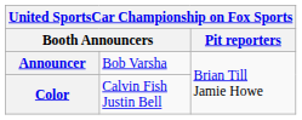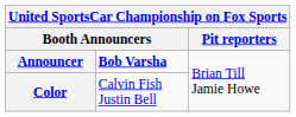 <table class="wikitable" style="font-size: 95%;">
 <tr>
 <th colspan=3><a href='#'>United SportsCar Championship on Fox Sports</a></th>
 </tr>
 <tr>
 <th colspan=2>Booth Announcers</th>
 <th><a href='#'>Pit reporters</a></th>
 </tr>
 <tr>
 <th><a href='#'>Announcer</a></th>
-<td><a href='#'>Bob Varsha</a></td>
+<td><strong><a href='#'>Bob Varsha</a></strong></td>
 <td rowspan=2><a href='#'>Brian Till</a><br>Jamie Howe</td>
 </tr>
 <tr>
 <th><a href='#'>Color</a></th>
 <td><a href='#'>Calvin Fish</a><br><a href='#'>Justin Bell</a></td>
 </tr>
 </table>
